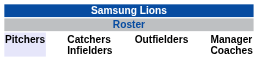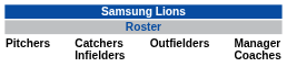 <table class="toccolours" style="font-size:95%;">
 <tr>
 <th colspan="10" style="background:#074CA1; color:#FFFFFF; text-align:center;">Samsung Lions</th>
 </tr>
 <tr>
 <th colspan="10" style="background:#BEC0C2; color:#074CA1; text-align:center;">Roster</th>
 </tr>
 <tr>
-<td valign="top" style="background: lavender;"><strong>Pitchers</strong><br>           </td>
+<td valign="top"><strong>Pitchers</strong><br>           </td>
 <td style="width:25px;"></td>
 <td valign="top"><strong>Catchers</strong><br>  <strong>Infielders</strong>        </td>
 <td style="width:25px;"></td>
 <td valign="top"><strong>Outfielders</strong><br>     </td>
 <td style="width:25px;"></td>
 <td valign="top"><strong>Manager</strong><br> <strong>Coaches</strong>        </td>
 </tr>
 </table>
